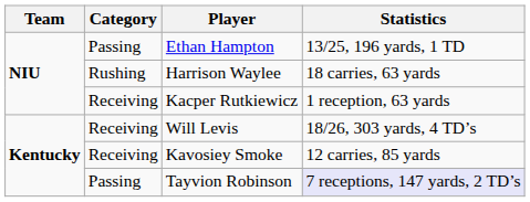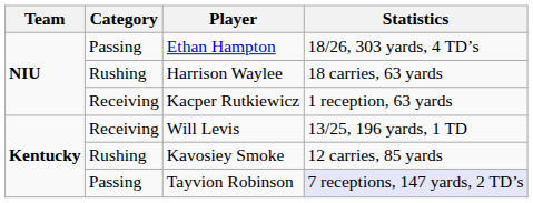 <table class="wikitable" style="float: right;">
 <tr>
 <th>Team</th>
 <th>Category</th>
 <th>Player</th>
 <th>Statistics</th>
 </tr>
 <tr>
 <td rowspan=3><strong>NIU</strong></td>
 <td>Passing</td>
 <td><a href='#'>Ethan Hampton</a></td>
-<td>13/25, 196 yards, 1 TD</td>
+<td>18/26, 303 yards, 4 TD’s</td>
 </tr>
 <tr>
 <td>Rushing</td>
 <td>Harrison Waylee</td>
 <td>18 carries, 63 yards</td>
 </tr>
 <tr>
 <td>Receiving</td>
 <td>Kacper Rutkiewicz</td>
 <td>1 reception, 63 yards</td>
 </tr>
 <tr>
 <td rowspan=3><strong>Kentucky</strong></td>
 <td>Receiving</td>
 <td>Will Levis</td>
-<td>18/26, 303 yards, 4 TD’s</td>
+<td>13/25, 196 yards, 1 TD</td>
 </tr>
 <tr>
-<td>Receiving</td>
+<td>Rushing</td>
 <td>Kavosiey Smoke</td>
 <td>12 carries, 85 yards</td>
 </tr>
 <tr>
 <td>Passing</td>
 <td>Tayvion Robinson</td>
 <td style="background: lavender;">7 receptions, 147 yards, 2 TD’s</td>
 </tr>
 </table>
